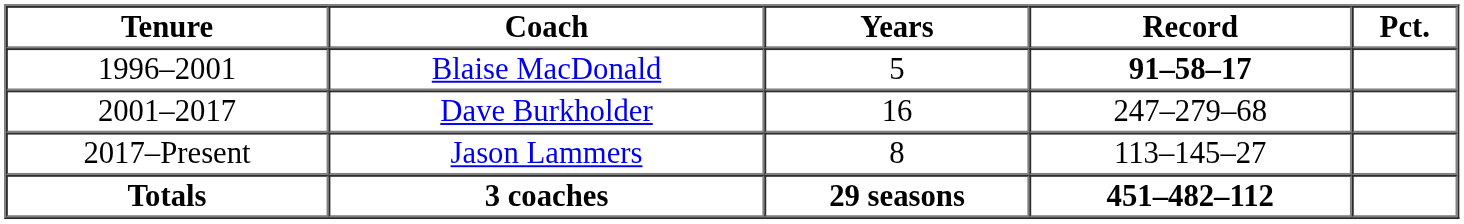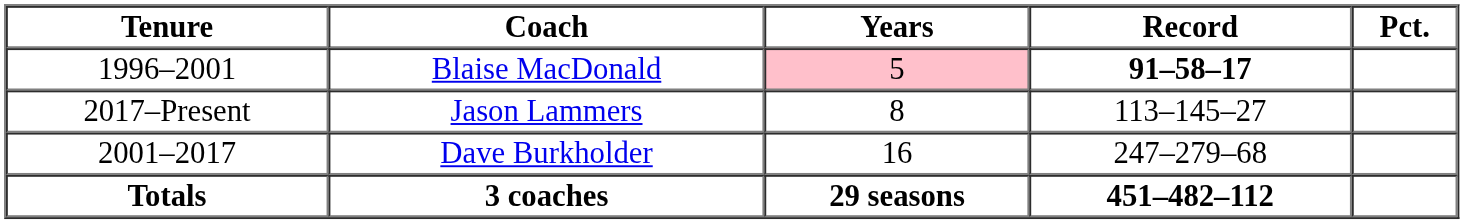 <table cellpadding="1" border="1" cellspacing="0" width="60%">
 <tr>
 <th>Tenure</th>
 <th>Coach</th>
 <th>Years</th>
 <th>Record</th>
 <th>Pct.</th>
 </tr>
 <tr align="center">
 <td>1996–2001</td>
 <td><a href='#'>Blaise MacDonald</a></td>
-<td>5</td>
+<td style="background: pink;">5</td>
 <td><strong>91–58–17</strong></td>
+<td></td>
+</tr>
+<tr align="center">
+<td>2017–Present</td>
+<td><a href='#'>Jason Lammers</a></td>
+<td>8</td>
+<td>113–145–27</td>
 <td></td>
 </tr>
 <tr align="center">
 <td>2001–2017</td>
 <td><a href='#'>Dave Burkholder</a></td>
 <td>16</td>
 <td>247–279–68</td>
 <td></td>
 </tr>
 <tr align="center">
-<td>2017–Present</td>
-<td><a href='#'>Jason Lammers</a></td>
-<td>8</td>
-<td>113–145–27</td>
-<td></td>
-</tr>
-<tr align="center">
 <th>Totals</th>
 <th>3 coaches</th>
 <th>29 seasons</th>
 <th>451–482–112</th>
 <th></th>
 </tr>
 </table>
